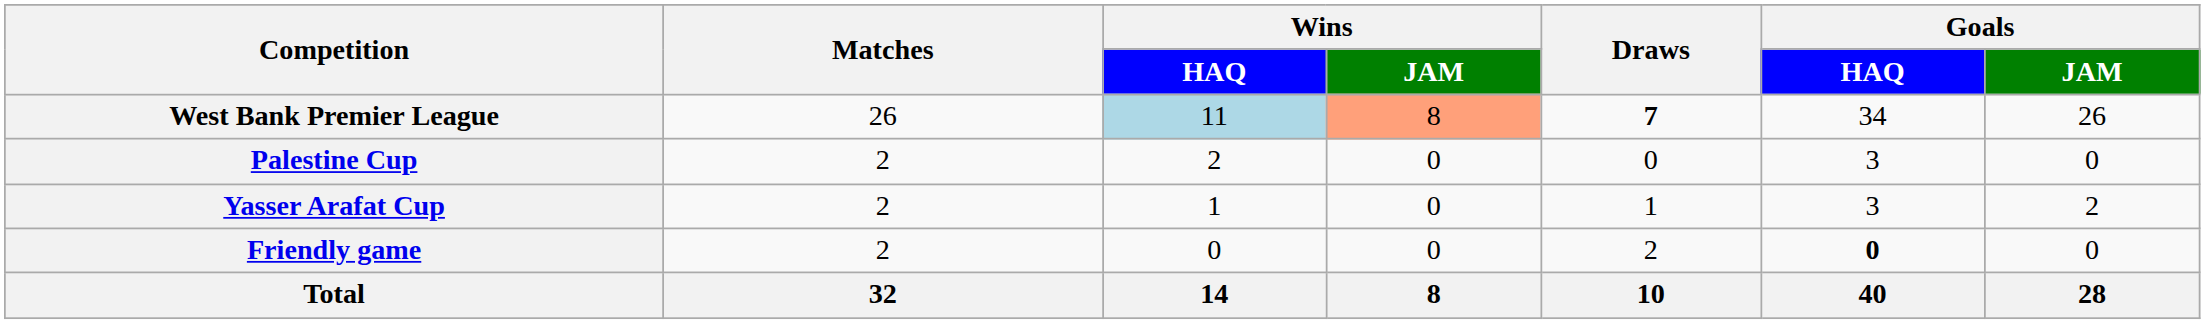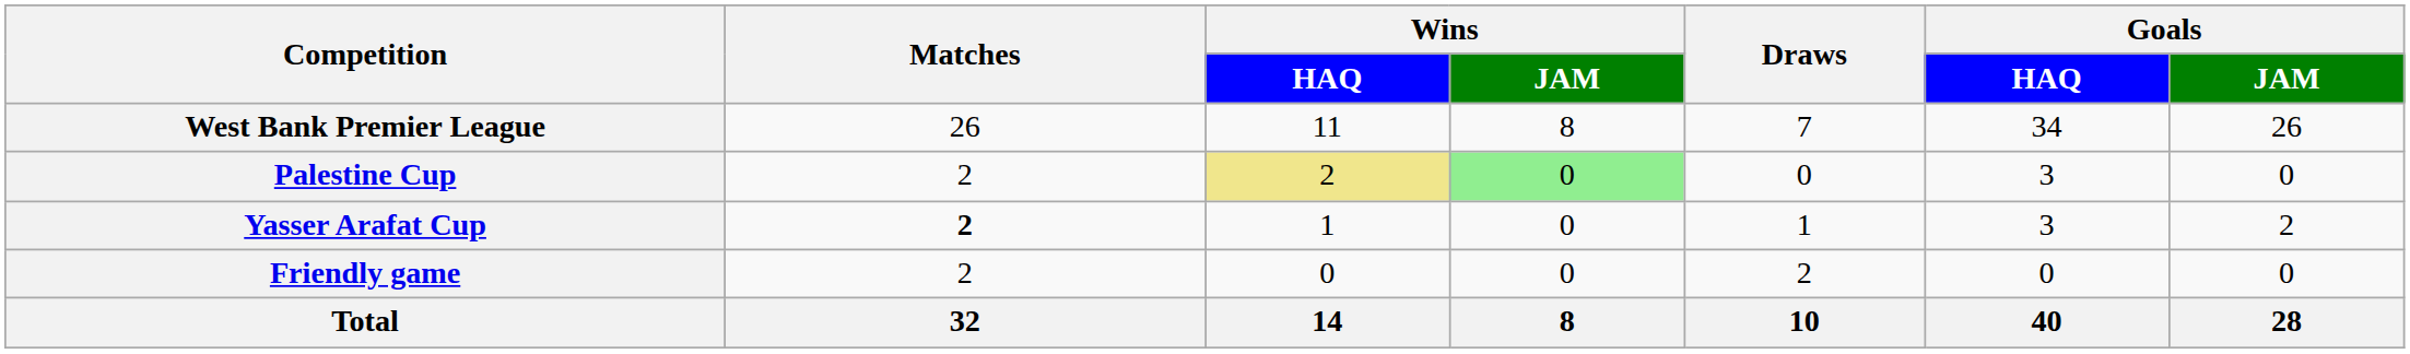 <table class="wikitable" style="text-align: center">
 <tr>
 <th rowspan="2" style="width:15%;">Competition</th>
 <th rowspan="2" style="width:10%;">Matches</th>
 <th colspan="2" style="width:10%;">Wins</th>
 <th rowspan="2" style="width:5%;">Draws</th>
 <th colspan="2" style="width:10%;">Goals</th>
 </tr>
 <tr>
 <th style="color:#ffffff; background-color:#0000FF;">HAQ</th>
 <th style="color:#ffffff; background-color:#008000;">JAM</th>
 <th style="color:#ffffff; background-color:#0000FF;">HAQ</th>
 <th style="color:#ffffff; background-color:#008000;">JAM</th>
 </tr>
 <tr>
 <th scope="row">West Bank Premier League</th>
 <td>26</td>
-<td style="background: lightblue;">11</td>
-<td style="background: lightsalmon;">8</td>
-<td><strong>7</strong></td>
+<td>11</td>
+<td>8</td>
+<td>7</td>
 <td>34</td>
 <td>26</td>
 </tr>
 <tr>
 <th scope="row"><a href='#'>Palestine Cup</a></th>
 <td>2</td>
-<td>2</td>
-<td>0</td>
+<td style="background: khaki;">2</td>
+<td style="background: lightgreen;">0</td>
 <td>0</td>
 <td>3</td>
 <td>0</td>
 </tr>
 <tr>
 <th scope="row"><a href='#'>Yasser Arafat Cup</a></th>
-<td>2</td>
+<td><strong>2</strong></td>
 <td>1</td>
 <td>0</td>
 <td>1</td>
 <td>3</td>
 <td>2</td>
 </tr>
 <tr>
 <th scope="row"><a href='#'>Friendly game</a></th>
 <td>2</td>
 <td>0</td>
 <td>0</td>
 <td>2</td>
-<td><strong>0</strong></td>
+<td>0</td>
 <td>0</td>
 </tr>
 <tr>
 <th scope="row">Total</th>
 <th>32</th>
 <th>14</th>
 <th>8</th>
 <th>10</th>
 <th>40</th>
 <th>28</th>
 </tr>
 </table>
